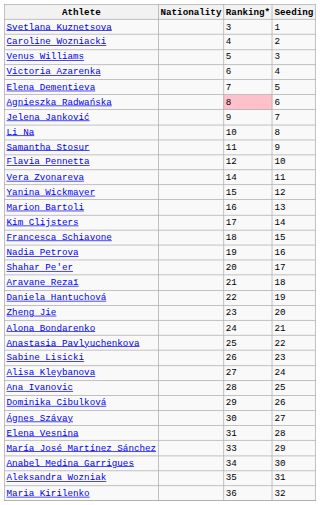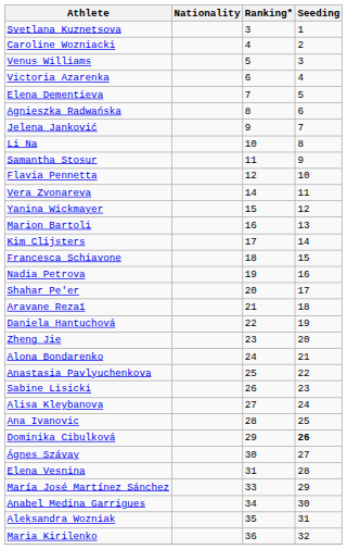 <table class="wikitable" border="1">
 <tr>
 <th>Athlete</th>
 <th>Nationality</th>
 <th>Ranking*</th>
 <th>Seeding</th>
 </tr>
 <tr>
 <td><a href='#'>Svetlana Kuznetsova</a></td>
 <td></td>
 <td>3</td>
 <td>1</td>
 </tr>
 <tr>
 <td><a href='#'>Caroline Wozniacki</a></td>
 <td></td>
 <td>4</td>
 <td>2</td>
 </tr>
 <tr>
 <td><a href='#'>Venus Williams</a></td>
 <td></td>
 <td>5</td>
 <td>3</td>
 </tr>
 <tr>
 <td><a href='#'>Victoria Azarenka</a></td>
 <td></td>
 <td>6</td>
 <td>4</td>
 </tr>
 <tr>
 <td><a href='#'>Elena Dementieva</a></td>
 <td></td>
 <td>7</td>
 <td>5</td>
 </tr>
 <tr>
 <td><a href='#'>Agnieszka Radwańska</a></td>
 <td></td>
-<td style="background: pink;">8</td>
+<td>8</td>
 <td>6</td>
 </tr>
 <tr>
 <td><a href='#'>Jelena Janković</a></td>
 <td></td>
 <td>9</td>
 <td>7</td>
 </tr>
 <tr>
 <td><a href='#'>Li Na</a></td>
 <td></td>
 <td>10</td>
 <td>8</td>
 </tr>
 <tr>
 <td><a href='#'>Samantha Stosur</a></td>
 <td></td>
 <td>11</td>
 <td>9</td>
 </tr>
 <tr>
 <td><a href='#'>Flavia Pennetta</a></td>
 <td></td>
 <td>12</td>
 <td>10</td>
 </tr>
 <tr>
 <td><a href='#'>Vera Zvonareva</a></td>
 <td></td>
 <td>14</td>
 <td>11</td>
 </tr>
 <tr>
 <td><a href='#'>Yanina Wickmayer</a></td>
 <td></td>
 <td>15</td>
 <td>12</td>
 </tr>
 <tr>
 <td><a href='#'>Marion Bartoli</a></td>
 <td></td>
 <td>16</td>
 <td>13</td>
 </tr>
 <tr>
 <td><a href='#'>Kim Clijsters</a></td>
 <td></td>
 <td>17</td>
 <td>14</td>
 </tr>
 <tr>
 <td><a href='#'>Francesca Schiavone</a></td>
 <td></td>
 <td>18</td>
 <td>15</td>
 </tr>
 <tr>
 <td><a href='#'>Nadia Petrova</a></td>
 <td></td>
 <td>19</td>
 <td>16</td>
 </tr>
 <tr>
 <td><a href='#'>Shahar Pe'er</a></td>
 <td></td>
 <td>20</td>
 <td>17</td>
 </tr>
 <tr>
 <td><a href='#'>Aravane Rezaï</a></td>
 <td></td>
 <td>21</td>
 <td>18</td>
 </tr>
 <tr>
 <td><a href='#'>Daniela Hantuchová</a></td>
 <td></td>
 <td>22</td>
 <td>19</td>
 </tr>
 <tr>
 <td><a href='#'>Zheng Jie</a></td>
 <td></td>
 <td>23</td>
 <td>20</td>
 </tr>
 <tr>
 <td><a href='#'>Alona Bondarenko</a></td>
 <td></td>
 <td>24</td>
 <td>21</td>
 </tr>
 <tr>
 <td><a href='#'>Anastasia Pavlyuchenkova</a></td>
 <td></td>
 <td>25</td>
 <td>22</td>
 </tr>
 <tr>
 <td><a href='#'>Sabine Lisicki</a></td>
 <td></td>
 <td>26</td>
 <td>23</td>
 </tr>
 <tr>
 <td><a href='#'>Alisa Kleybanova</a></td>
 <td></td>
 <td>27</td>
 <td>24</td>
 </tr>
 <tr>
 <td><a href='#'>Ana Ivanovic</a></td>
 <td></td>
 <td>28</td>
 <td>25</td>
 </tr>
 <tr>
 <td><a href='#'>Dominika Cibulková</a></td>
 <td></td>
 <td>29</td>
-<td>26</td>
+<td><strong>26</strong></td>
 </tr>
 <tr>
 <td><a href='#'>Ágnes Szávay</a></td>
 <td></td>
 <td>30</td>
 <td>27</td>
 </tr>
 <tr>
 <td><a href='#'>Elena Vesnina</a></td>
 <td></td>
 <td>31</td>
 <td>28</td>
 </tr>
 <tr>
 <td><a href='#'>María José Martínez Sánchez</a></td>
 <td></td>
 <td>33</td>
 <td>29</td>
 </tr>
 <tr>
 <td><a href='#'>Anabel Medina Garrigues</a></td>
 <td></td>
 <td>34</td>
 <td>30</td>
 </tr>
 <tr>
 <td><a href='#'>Aleksandra Wozniak</a></td>
 <td></td>
 <td>35</td>
 <td>31</td>
 </tr>
 <tr>
 <td><a href='#'>Maria Kirilenko</a></td>
 <td></td>
 <td>36</td>
 <td>32</td>
 </tr>
 <tr>
 </tr>
 </table>
